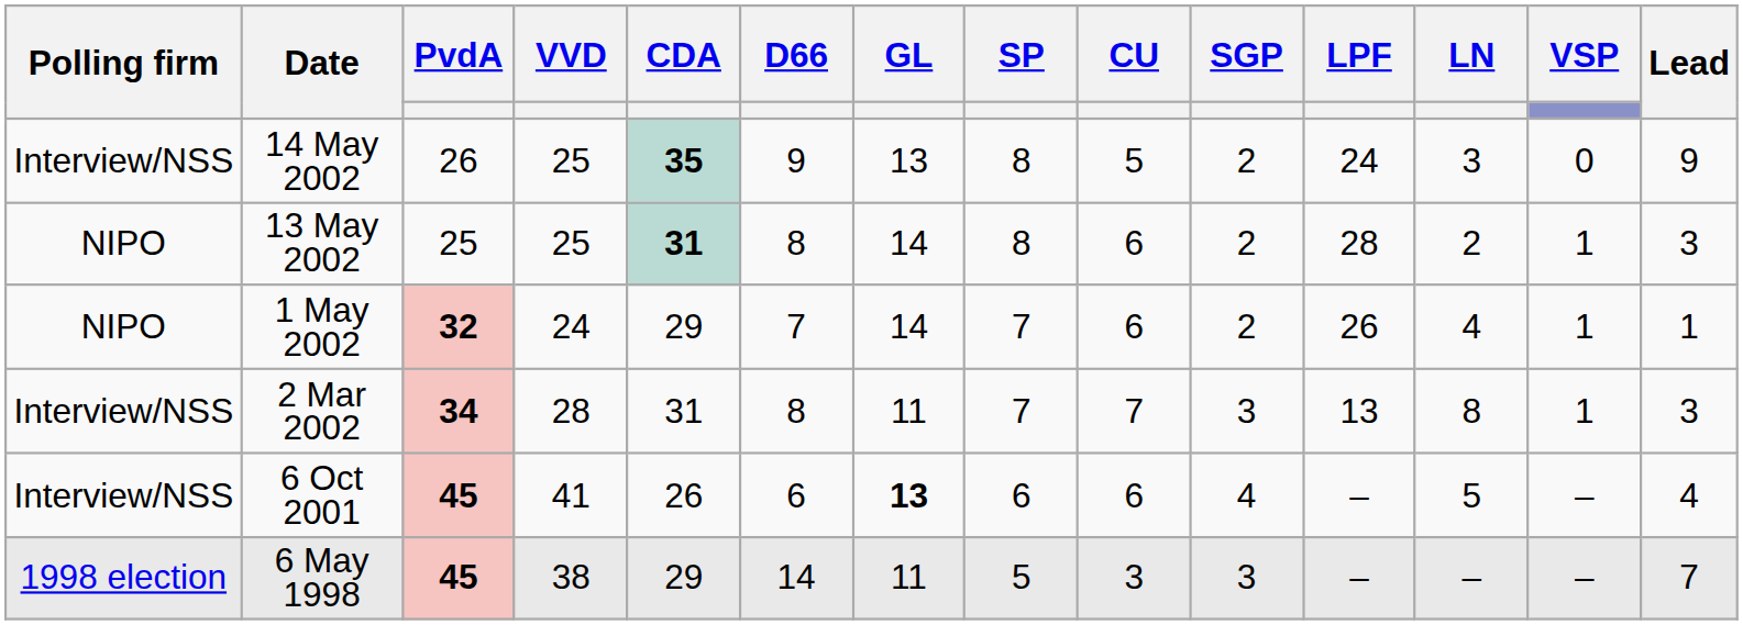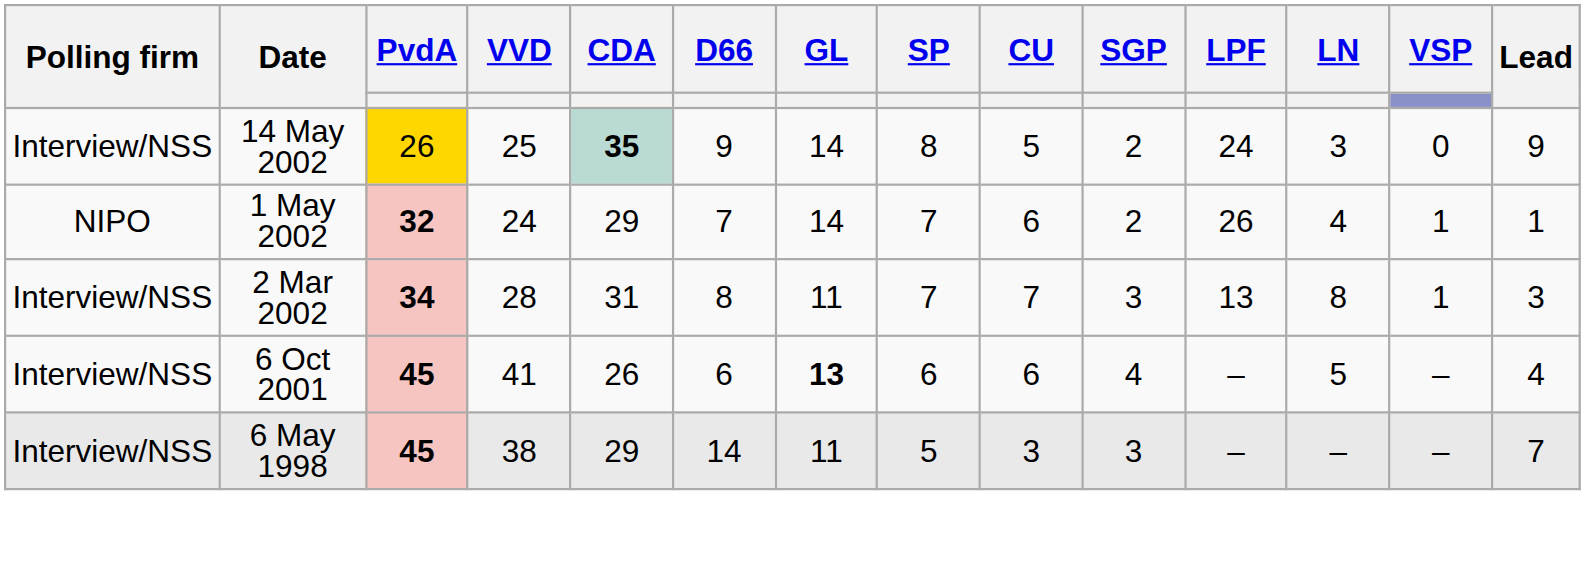 <table class="wikitable sortable" style="text-align:center;font-size:90%;line-height:14px;">
 <tr style="height:40px;">
 <th style="width:85px;" rowspan="2">Polling firm</th>
 <th style="width:60px;" rowspan="2">Date</th>
 <th class="unsortable" style="width:40px;"><a href='#'>PvdA</a></th>
 <th class="unsortable" style="width:40px;"><a href='#'>VVD</a></th>
 <th class="unsortable" style="width:40px;"><a href='#'>CDA</a></th>
 <th class="unsortable" style="width:40px;"><a href='#'>D66</a></th>
 <th class="unsortable" style="width:40px;"><a href='#'>GL</a></th>
 <th class="unsortable" style="width:40px;"><a href='#'>SP</a></th>
 <th class="unsortable" style="width:40px;"><a href='#'>CU</a></th>
 <th class="unsortable" style="width:40px;"><a href='#'>SGP</a></th>
 <th class="unsortable" style="width:40px;"><a href='#'>LPF</a></th>
 <th class="unsortable" style="width:40px;"><a href='#'>LN</a></th>
 <th class="unsortable" style="width:40px;"><a href='#'>VSP</a></th>
 <th style="width:30px;" rowspan="2">Lead</th>
 </tr>
 <tr>
 <th style="background:"></th>
 <th style="background:"></th>
 <th style="background:"></th>
 <th style="background:"></th>
 <th style="background:"></th>
 <th style="background:"></th>
 <th style="background:"></th>
 <th style="background:"></th>
 <th style="background:"></th>
 <th style="background:"></th>
 <th style="background:#8a91c8;"></th>
 </tr>
 <tr>
 <td>Interview/NSS</td>
 <td>14 May 2002</td>
-<td>26</td>
+<td style="background: gold;">26</td>
 <td>25</td>
 <td style="background:#BADBD3;"><strong>35</strong></td>
 <td>9</td>
-<td>13</td>
+<td>14</td>
 <td>8</td>
 <td>5</td>
 <td>2</td>
 <td>24</td>
 <td>3</td>
 <td>0</td>
 <td style="background:">9</td>
-</tr>
-<tr>
-<td>NIPO</td>
-<td>13 May 2002</td>
-<td>25</td>
-<td>25</td>
-<td style="background:#BADBD3;"><strong>31</strong></td>
-<td>8</td>
-<td>14</td>
-<td>8</td>
-<td>6</td>
-<td>2</td>
-<td>28</td>
-<td>2</td>
-<td>1</td>
-<td style="background:">3</td>
 </tr>
 <tr>
 <td>NIPO</td>
 <td>1 May 2002</td>
 <td style="background:#F6C5C1;"><strong>32</strong></td>
 <td>24</td>
 <td>29</td>
 <td>7</td>
 <td>14</td>
 <td>7</td>
 <td>6</td>
 <td>2</td>
 <td>26</td>
 <td>4</td>
 <td>1</td>
 <td style="background:">1</td>
 </tr>
 <tr>
 <td>Interview/NSS</td>
 <td>2 Mar 2002</td>
 <td style="background:#F6C5C1;"><strong>34</strong></td>
 <td>28</td>
 <td>31</td>
 <td>8</td>
 <td>11</td>
 <td>7</td>
 <td>7</td>
 <td>3</td>
 <td>13</td>
 <td>8</td>
 <td>1</td>
 <td style="background:">3</td>
 </tr>
 <tr>
 <td>Interview/NSS</td>
 <td>6 Oct 2001</td>
 <td style="background:#F6C5C1;"><strong>45</strong></td>
 <td>41</td>
 <td>26</td>
 <td>6</td>
 <td><strong>13</strong></td>
 <td>6</td>
 <td>6</td>
 <td>4</td>
 <td>–</td>
 <td>5</td>
 <td>–</td>
 <td style="background:">4</td>
 </tr>
 <tr style="background:#E9E9E9">
-<td><a href='#'>1998 election</a></td>
+<td>Interview/NSS</td>
 <td>6 May 1998</td>
 <td style="background:#F6C5C1;"><strong>45</strong></td>
 <td>38</td>
 <td>29</td>
 <td>14</td>
 <td>11</td>
 <td>5</td>
 <td>3</td>
 <td>3</td>
 <td>–</td>
 <td>–</td>
 <td>–</td>
 <td style="background:">7</td>
 </tr>
 </table>
